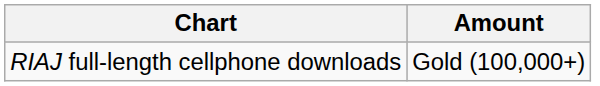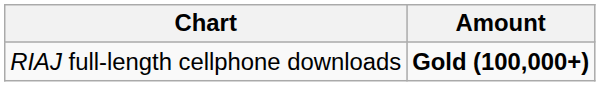 <table class="wikitable">
 <tr>
 <th>Chart</th>
 <th>Amount</th>
 </tr>
 <tr>
 <td><em>RIAJ</em> full-length cellphone downloads</td>
-<td align="center">Gold (100,000+)</td>
+<td align="center"><strong>Gold (100,000+)</strong></td>
 </tr>
 </table>
